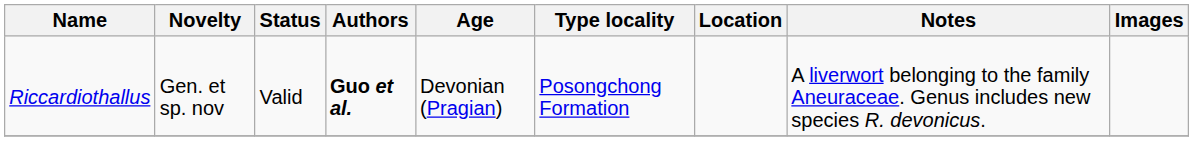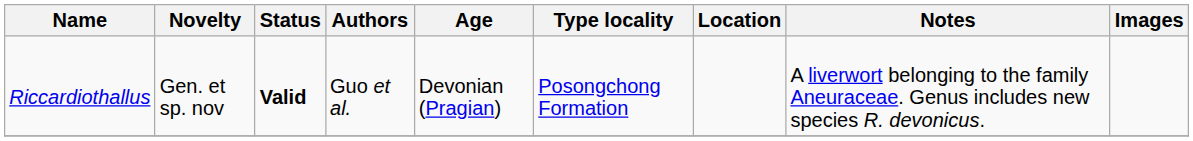 <table class="wikitable sortable" align="center" width="75%">
 <tr>
 <th>Name</th>
 <th>Novelty</th>
 <th>Status</th>
 <th>Authors</th>
 <th>Age</th>
 <th>Type locality</th>
 <th>Location</th>
 <th>Notes</th>
 <th>Images</th>
 </tr>
 <tr>
 <td><br><em><a href='#'>Riccardiothallus</a></em></td>
 <td><br>Gen. et sp. nov</td>
-<td><br>Valid</td>
-<td><strong><br>Guo <em>et al.</em></strong></td>
+<td><strong><br>Valid</strong></td>
+<td><br>Guo <em>et al.</em></td>
 <td><br>Devonian (<a href='#'>Pragian</a>)</td>
 <td><br><a href='#'>Posongchong Formation</a></td>
 <td><br></td>
 <td><br>A <a href='#'>liverwort</a> belonging to the family <a href='#'>Aneuraceae</a>. Genus includes new species <em>R. devonicus</em>.</td>
 <td></td>
 </tr>
 <tr>
 </tr>
 </table>
